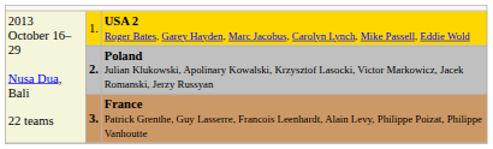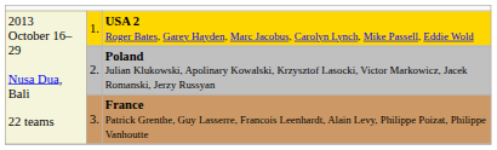 <table class="wikitable">
 <tr>
 <td colspan=3></td>
 </tr>
 <tr bgcolor="gold">
 <td rowspan=3 bgcolor="beige" valign="Top">2013<br>October 16–29 <br> <br><a href='#'>Nusa Dua</a>, Bali   <br> <br>22 teams</td>
 <td>1.</td>
 <td> <strong>USA 2</strong> <br><small><a href='#'>Roger Bates</a>, <a href='#'>Garey Hayden</a>, <a href='#'>Marc Jacobus</a>, <a href='#'>Carolyn Lynch</a>, <a href='#'>Mike Passell</a>, <a href='#'>Eddie Wold</a></small></td>
 </tr>
 <tr bgcolor="silver">
-<td><strong>2.</strong></td>
+<td>2.</td>
 <td> <strong>Poland</strong> <br><small>Julian Klukowski, Apolinary Kowalski, Krzysztof Lasocki, Victor Markowicz, Jacek Romanski, Jerzy Russyan</small></td>
 </tr>
 <tr bgcolor="cc9966">
-<td><strong>3.</strong></td>
+<td>3.</td>
 <td> <strong>France</strong> <br><small>Patrick Grenthe, Guy Lasserre, Francois Leenhardt, Alain Levy, Philippe Poizat, Philippe Vanhoutte</small></td>
 </tr>
 <tr>
 </tr>
 </table>
